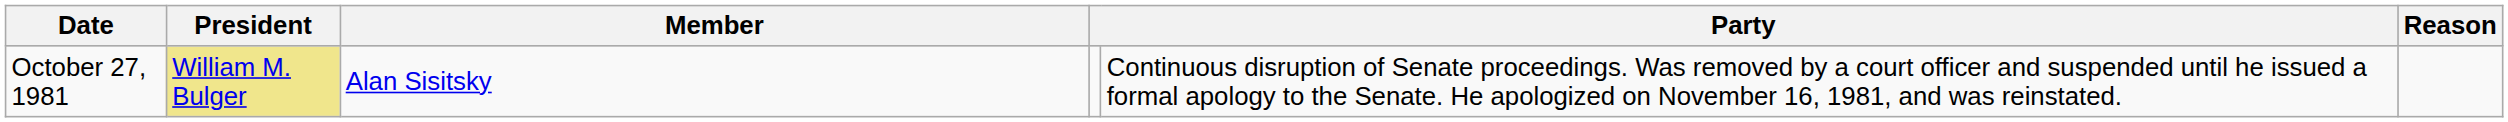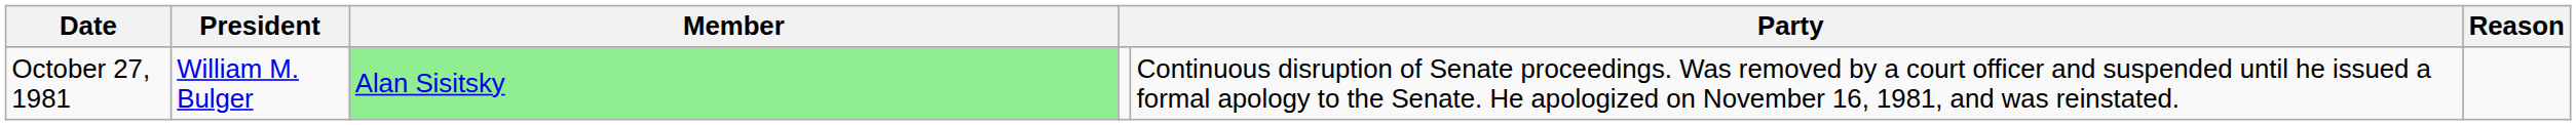 <table class="wikitable" style="margin:1em; float: left;">
 <tr>
 <th>Date</th>
 <th>President</th>
 <th width=30%>Member</th>
 <th colspan=2>Party</th>
 <th>Reason</th>
 </tr>
 <tr>
 <td>October 27, 1981</td>
-<td style="background: khaki;"><a href='#'>William M. Bulger</a></td>
-<td><a href='#'>Alan Sisitsky</a></td>
+<td><a href='#'>William M. Bulger</a></td>
+<td style="background: lightgreen;"><a href='#'>Alan Sisitsky</a></td>
 <td></td>
 <td>Continuous disruption of Senate proceedings. Was removed by a court officer and suspended until he issued a formal apology to the Senate. He apologized on November 16, 1981, and was reinstated.</td>
 </tr>
 </table>
